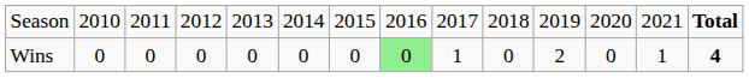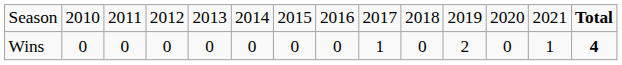 <table class=wikitable>
 <tr>
 <td>Season</td>
 <td>2010</td>
 <td>2011</td>
 <td>2012</td>
 <td>2013</td>
 <td>2014</td>
 <td>2015</td>
 <td>2016</td>
 <td>2017</td>
 <td>2018</td>
 <td>2019</td>
 <td>2020</td>
 <td>2021</td>
 <td><strong>Total</strong></td>
 </tr>
 <tr align=center>
 <td align=left>Wins</td>
 <td>0</td>
 <td>0</td>
 <td>0</td>
 <td>0</td>
 <td>0</td>
 <td>0</td>
-<td style="background: lightgreen;">0</td>
+<td>0</td>
 <td>1</td>
 <td>0</td>
 <td>2</td>
 <td>0</td>
 <td>1</td>
 <td><strong>4</strong></td>
 </tr>
 </table>
